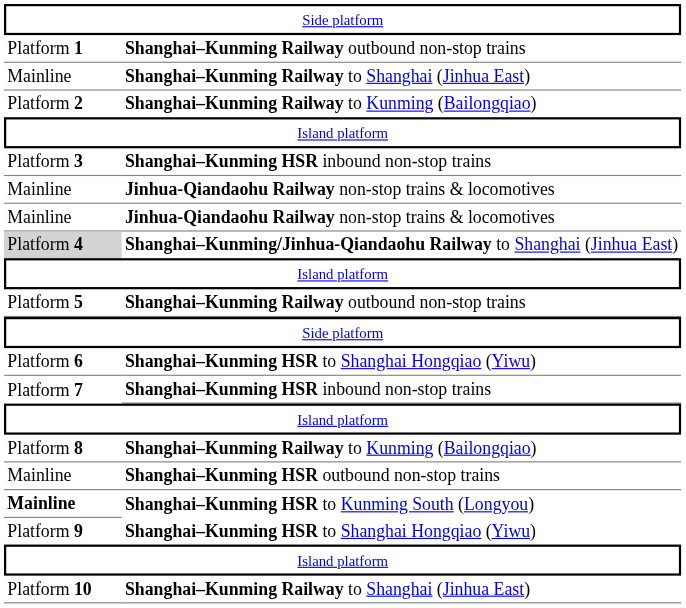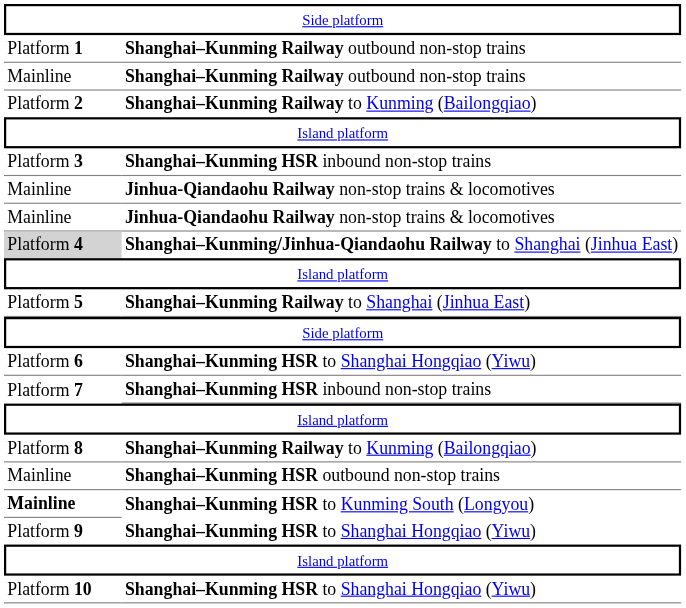 <table border=0 cellspacing=0 cellpadding=3>
 <tr>
 <td style="border-top:solid 2px black;border-right:solid 2px black;border-left:solid 2px black;border-bottom:solid 2px black;text-align:center;" colspan=2><small><a href='#'>Side platform</a></small></td>
 </tr>
 <tr>
 <td style="border-bottom:solid 1px gray;" width=100>Platform <strong>1</strong></td>
 <td style="border-bottom:solid 1px gray;"><strong>Shanghai–Kunming Railway</strong> outbound non-stop trains</td>
 </tr>
 <tr>
 <td style="border-bottom:solid 1px gray;">Mainline</td>
-<td style="border-bottom:solid 1px gray;"><strong>Shanghai–Kunming Railway</strong>  to <a href='#'>Shanghai</a> (<a href='#'>Jinhua East</a>)</td>
+<td style="border-bottom:solid 1px gray;"><strong>Shanghai–Kunming Railway</strong> outbound non-stop trains</td>
 </tr>
 <tr>
 <td>Platform <strong>2</strong></td>
 <td><strong>Shanghai–Kunming Railway</strong> to <a href='#'>Kunming</a> (<a href='#'>Bailongqiao</a>)</td>
 </tr>
 <tr>
 <td style="border-top:solid 2px black;border-right:solid 2px black;border-left:solid 2px black;border-bottom:solid 2px black;text-align:center;" colspan=2><small><a href='#'>Island platform</a></small></td>
 </tr>
 <tr>
 <td style="border-bottom:solid 1px gray;">Platform <strong>3</strong></td>
 <td style="border-bottom:solid 1px gray;"><strong>Shanghai–Kunming HSR</strong> inbound non-stop trains</td>
 </tr>
 <tr>
 <td style="border-bottom:solid 1px gray;">Mainline</td>
 <td style="border-bottom:solid 1px gray;"><strong>Jinhua-Qiandaohu Railway</strong> non-stop trains & locomotives</td>
 </tr>
 <tr>
 <td style="border-bottom:solid 1px gray;">Mainline</td>
 <td style="border-bottom:solid 1px gray;"><strong>Jinhua-Qiandaohu Railway</strong> non-stop trains & locomotives</td>
 </tr>
 <tr>
 <td style="background: lightgrey;">Platform <strong>4</strong></td>
 <td><strong>Shanghai–Kunming/Jinhua-Qiandaohu Railway</strong>  to <a href='#'>Shanghai</a> (<a href='#'>Jinhua East</a>)</td>
 </tr>
 <tr>
 <td style="border-top:solid 2px black;border-right:solid 2px black;border-left:solid 2px black;border-bottom:solid 2px black;text-align:center;" colspan=2><small><a href='#'>Island platform</a></small></td>
 </tr>
 <tr>
 <td style="border-bottom:solid 1px gray;">Platform <strong>5</strong></td>
-<td style="border-bottom:solid 1px gray;"><strong>Shanghai–Kunming Railway</strong> outbound non-stop trains</td>
+<td style="border-bottom:solid 1px gray;"><strong>Shanghai–Kunming Railway</strong>  to <a href='#'>Shanghai</a> (<a href='#'>Jinhua East</a>)</td>
 </tr>
 <tr>
 <td style="border-top:solid 2px black;border-right:solid 2px black;border-left:solid 2px black;border-bottom:solid 2px black;text-align:center;" colspan=2><small><a href='#'>Side platform</a></small></td>
 </tr>
 <tr>
 <td style="border-bottom:solid 1px gray;">Platform <strong>6</strong></td>
 <td style="border-bottom:solid 1px gray;"><strong>Shanghai–Kunming HSR</strong> to <a href='#'>Shanghai Hongqiao</a> (<a href='#'>Yiwu</a>)</td>
 </tr>
 <tr>
 <td>Platform <strong>7</strong></td>
 <td style="border-bottom:solid 1px gray;"><strong>Shanghai–Kunming HSR</strong> inbound non-stop trains</td>
 </tr>
 <tr>
 <td style="border-top:solid 2px black;border-right:solid 2px black;border-left:solid 2px black;border-bottom:solid 2px black;text-align:center;" colspan=2><small><a href='#'>Island platform</a></small></td>
 </tr>
 <tr>
 <td style="border-bottom:solid 1px gray;">Platform <strong>8</strong></td>
 <td style="border-bottom:solid 1px gray;"><strong>Shanghai–Kunming Railway</strong> to <a href='#'>Kunming</a> (<a href='#'>Bailongqiao</a>)</td>
 </tr>
 <tr>
 <td style="border-bottom:solid 1px gray;">Mainline</td>
 <td style="border-bottom:solid 1px gray;"><strong>Shanghai–Kunming HSR</strong> outbound non-stop trains</td>
 </tr>
 <tr>
 <td style="border-bottom:solid 1px gray;"><strong>Mainline</strong></td>
 <td><strong>Shanghai–Kunming HSR</strong> to <a href='#'>Kunming South</a> (<a href='#'>Longyou</a>)</td>
 </tr>
 <tr>
 <td>Platform <strong>9</strong></td>
 <td><strong>Shanghai–Kunming HSR</strong>  to <a href='#'>Shanghai Hongqiao</a> (<a href='#'>Yiwu</a>)</td>
 </tr>
 <tr>
 <td style="border-top:solid 2px black;border-right:solid 2px black;border-left:solid 2px black;border-bottom:solid 2px black;text-align:center;" colspan=2><small><a href='#'>Island platform</a></small></td>
 </tr>
 <tr>
 <td style="border-bottom:solid 1px gray;">Platform <strong>10</strong></td>
-<td style="border-bottom:solid 1px gray;"><strong>Shanghai–Kunming Railway</strong>  to <a href='#'>Shanghai</a> (<a href='#'>Jinhua East</a>)</td>
+<td style="border-bottom:solid 1px gray;"><strong>Shanghai–Kunming HSR</strong> to <a href='#'>Shanghai Hongqiao</a> (<a href='#'>Yiwu</a>)</td>
 </tr>
 </table>
